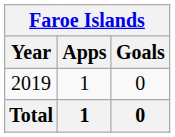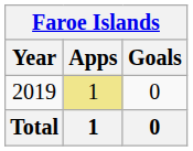 <table class="wikitable" style="text-align:center">
 <tr>
 <th colspan=3><a href='#'>Faroe Islands</a></th>
 </tr>
 <tr>
 <th>Year</th>
 <th>Apps</th>
 <th>Goals</th>
 </tr>
 <tr>
 <td>2019</td>
-<td>1</td>
+<td style="background: khaki;">1</td>
 <td>0</td>
 </tr>
 <tr>
 <th>Total</th>
 <th>1</th>
 <th>0</th>
 </tr>
 </table>
